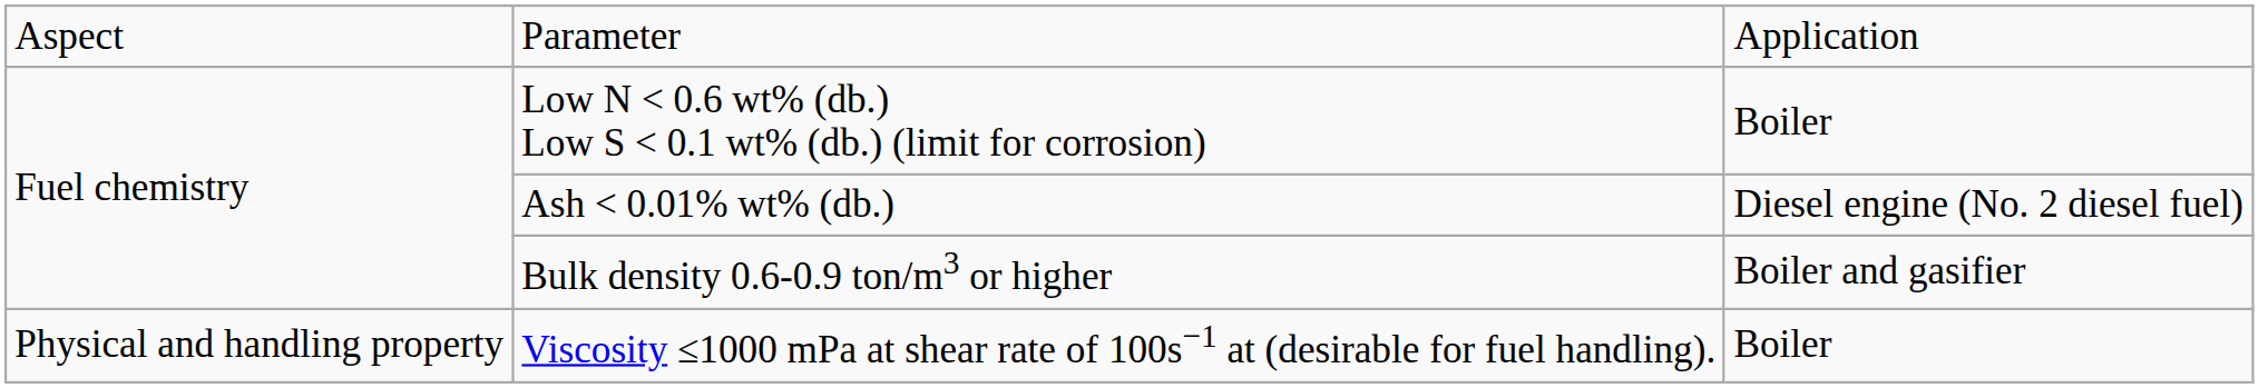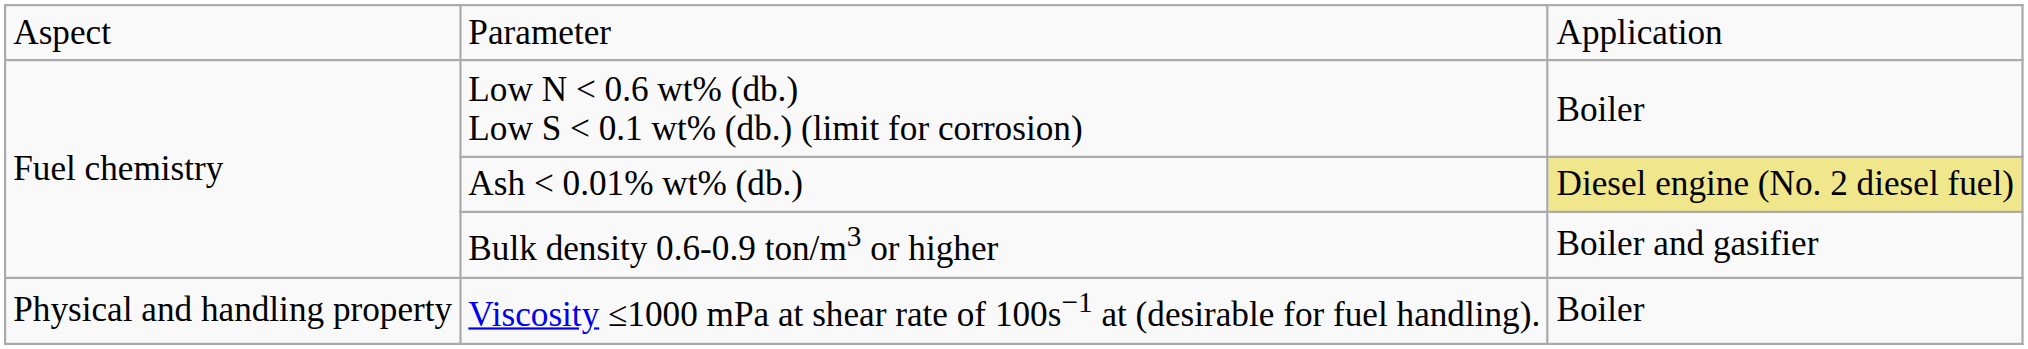 <table class="wikitable">
 <tr>
 <td>Aspect</td>
 <td>Parameter</td>
 <td>Application</td>
 </tr>
 <tr>
 <td colspan="1" rowspan="3">Fuel chemistry </td>
 <td>Low N < 0.6 wt% (db.)<br>Low S < 0.1 wt% (db.) (limit for corrosion)</td>
 <td>Boiler</td>
 </tr>
 <tr>
 <td>Ash < 0.01% wt% (db.)</td>
-<td>Diesel engine (No. 2 diesel fuel)</td>
+<td style="background: khaki;">Diesel engine (No. 2 diesel fuel)</td>
 </tr>
 <tr>
 <td>Bulk density 0.6-0.9 ton/m<sup>3</sup> or higher</td>
 <td>Boiler and gasifier</td>
 </tr>
 <tr>
 <td>Physical and handling property </td>
 <td><a href='#'>Viscosity</a> ≤1000 mPa at shear rate of 100s<sup>−1</sup> at  (desirable for fuel handling).</td>
 <td>Boiler</td>
 </tr>
 </table>
